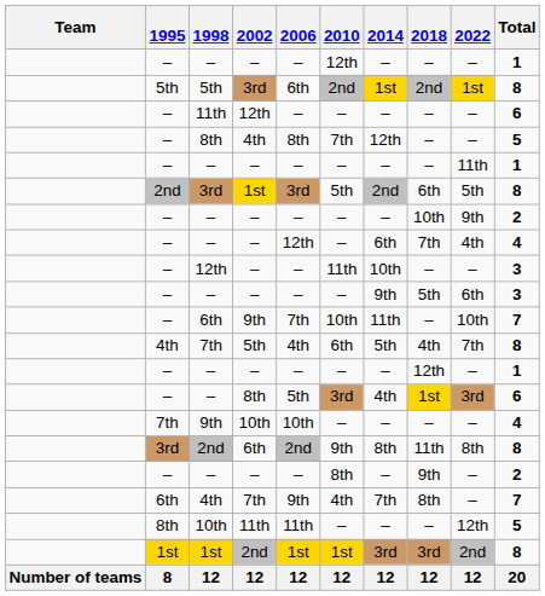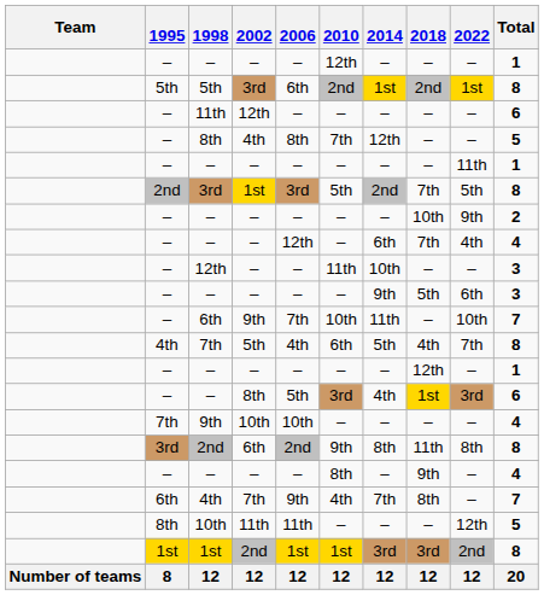 <table class="wikitable" style="text-align: center">
 <tr>
 <th>Team</th>
 <th><br><a href='#'>1995</a></th>
 <th><br><a href='#'>1998</a></th>
 <th><br><a href='#'>2002</a></th>
 <th><br><a href='#'>2006</a></th>
 <th><br><a href='#'>2010</a></th>
 <th><br><a href='#'>2014</a></th>
 <th><br><a href='#'>2018</a></th>
 <th><br><a href='#'>2022</a></th>
 <th>Total</th>
 </tr>
 <tr>
 <td align=left></td>
 <td>–</td>
 <td>–</td>
 <td>–</td>
 <td>–</td>
 <td>12th</td>
 <td>–</td>
 <td>–</td>
 <td>–</td>
 <td><strong>1</strong></td>
 </tr>
 <tr>
 <td align=left></td>
 <td>5th</td>
 <td>5th</td>
 <td bgcolor=#cc9966>3rd</td>
 <td>6th</td>
 <td bgcolor=silver>2nd</td>
 <td bgcolor=gold>1st</td>
 <td bgcolor=silver>2nd</td>
 <td bgcolor=gold>1st</td>
 <td><strong>8</strong></td>
 </tr>
 <tr>
 <td align=left></td>
 <td>–</td>
 <td>11th</td>
 <td>12th</td>
 <td>–</td>
 <td>–</td>
 <td>–</td>
 <td>–</td>
 <td>–</td>
 <td><strong>6</strong></td>
 </tr>
 <tr>
 <td align=left></td>
 <td>–</td>
 <td>8th</td>
 <td>4th</td>
 <td>8th</td>
 <td>7th</td>
 <td>12th</td>
 <td>–</td>
 <td>–</td>
 <td><strong>5</strong></td>
 </tr>
 <tr>
 <td align=left></td>
 <td>–</td>
 <td>–</td>
 <td>–</td>
 <td>–</td>
 <td>–</td>
 <td>–</td>
 <td>–</td>
 <td>11th</td>
 <td><strong>1</strong></td>
 </tr>
 <tr>
 <td align=left></td>
 <td bgcolor=silver>2nd</td>
 <td bgcolor=#cc9966>3rd</td>
 <td bgcolor=gold>1st</td>
 <td bgcolor=#cc9966>3rd</td>
 <td>5th</td>
 <td bgcolor=silver>2nd</td>
-<td>6th</td>
+<td>7th</td>
 <td>5th</td>
 <td><strong>8</strong></td>
 </tr>
 <tr>
 <td align=left></td>
 <td>–</td>
 <td>–</td>
 <td>–</td>
 <td>–</td>
 <td>–</td>
 <td>–</td>
 <td>10th</td>
 <td>9th</td>
 <td><strong>2</strong></td>
 </tr>
 <tr>
 <td align=left></td>
 <td>–</td>
 <td>–</td>
 <td>–</td>
 <td>12th</td>
 <td>–</td>
 <td>6th</td>
 <td>7th</td>
 <td>4th</td>
 <td><strong>4</strong></td>
 </tr>
 <tr>
 <td align=left></td>
 <td>–</td>
 <td>12th</td>
 <td>–</td>
 <td>–</td>
 <td>11th</td>
 <td>10th</td>
 <td>–</td>
 <td>–</td>
 <td><strong>3</strong></td>
 </tr>
 <tr>
 <td align=left></td>
 <td>–</td>
 <td>–</td>
 <td>–</td>
 <td>–</td>
 <td>–</td>
 <td>9th</td>
 <td>5th</td>
 <td>6th</td>
 <td><strong>3</strong></td>
 </tr>
 <tr>
 <td align=left></td>
 <td>–</td>
 <td>6th</td>
 <td>9th</td>
 <td>7th</td>
 <td>10th</td>
 <td>11th</td>
 <td>–</td>
 <td>10th</td>
 <td><strong>7</strong></td>
 </tr>
 <tr>
 <td align=left></td>
 <td>4th</td>
 <td>7th</td>
 <td>5th</td>
 <td>4th</td>
 <td>6th</td>
 <td>5th</td>
 <td>4th</td>
 <td>7th</td>
 <td><strong>8</strong></td>
 </tr>
 <tr>
 <td align=left></td>
 <td>–</td>
 <td>–</td>
 <td>–</td>
 <td>–</td>
 <td>–</td>
 <td>–</td>
 <td>12th</td>
 <td>–</td>
 <td><strong>1</strong></td>
 </tr>
 <tr>
 <td align=left></td>
 <td>–</td>
 <td>–</td>
 <td>8th</td>
 <td>5th</td>
 <td bgcolor=#cc9966>3rd</td>
 <td>4th</td>
 <td bgcolor=gold>1st</td>
 <td bgcolor=#cc9966>3rd</td>
 <td><strong>6</strong></td>
 </tr>
 <tr>
 <td align=left></td>
 <td>7th</td>
 <td>9th</td>
 <td>10th</td>
 <td>10th</td>
 <td>–</td>
 <td>–</td>
 <td>–</td>
 <td>–</td>
 <td><strong>4</strong></td>
 </tr>
 <tr>
 <td align=left></td>
 <td bgcolor=#cc9966>3rd</td>
 <td bgcolor=silver>2nd</td>
 <td>6th</td>
 <td bgcolor=silver>2nd</td>
 <td>9th</td>
 <td>8th</td>
 <td>11th</td>
 <td>8th</td>
 <td><strong>8</strong></td>
 </tr>
 <tr>
 <td align=left></td>
 <td>–</td>
 <td>–</td>
 <td>–</td>
 <td>–</td>
 <td>8th</td>
 <td>–</td>
 <td>9th</td>
 <td>–</td>
-<td><strong>2</strong></td>
+<td><strong>4</strong></td>
 </tr>
 <tr>
 <td align=left></td>
 <td>6th</td>
 <td>4th</td>
 <td>7th</td>
 <td>9th</td>
 <td>4th</td>
 <td>7th</td>
 <td>8th</td>
 <td>–</td>
 <td><strong>7</strong></td>
 </tr>
 <tr>
 <td align=left></td>
 <td>8th</td>
 <td>10th</td>
 <td>11th</td>
 <td>11th</td>
 <td>–</td>
 <td>–</td>
 <td>–</td>
 <td>12th</td>
 <td><strong>5</strong></td>
 </tr>
 <tr>
 <td align=left></td>
 <td bgcolor=gold>1st</td>
 <td bgcolor=gold>1st</td>
 <td bgcolor=silver>2nd</td>
 <td bgcolor=gold>1st</td>
 <td bgcolor=gold>1st</td>
 <td bgcolor=#cc9966>3rd</td>
 <td bgcolor=#cc9966>3rd</td>
 <td bgcolor=silver>2nd</td>
 <td><strong>8</strong></td>
 </tr>
 <tr>
 <th>Number of teams</th>
 <th> 8</th>
 <th>12</th>
 <th>12</th>
 <th>12</th>
 <th>12</th>
 <th>12</th>
 <th>12</th>
 <th>12 </th>
 <th>20</th>
 </tr>
 </table>
